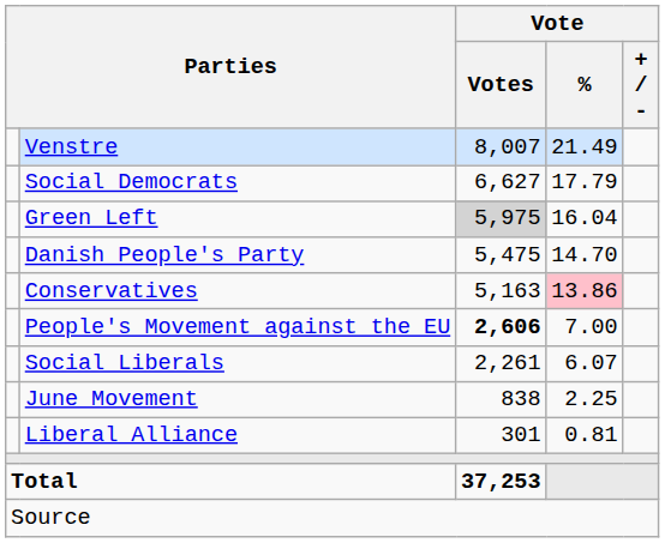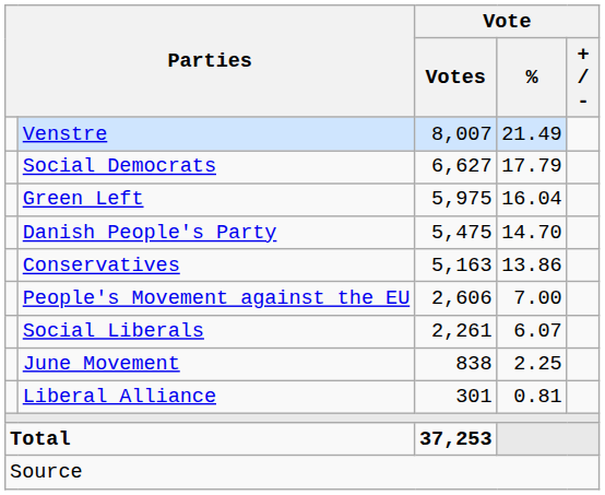 <table class="wikitable" style="text-align:right;">
 <tr>
 <th style="text-align:centre;" rowspan="2" colspan="2" width="225">Parties</th>
 <th colspan="3">Vote</th>
 </tr>
 <tr>
 <th width="15">Votes</th>
 <th width="15">%</th>
 <th width="15">+ / -</th>
 </tr>
 <tr>
 <td width="2" style="color:inherit;background:"></td>
 <td bgcolor=#cfe5fe   align="left"><a href='#'>Venstre</a></td>
 <td bgcolor=#cfe5fe>8,007</td>
 <td bgcolor=#cfe5fe>21.49</td>
 <td></td>
 </tr>
 <tr>
 <td width="2" style="color:inherit;background:"></td>
 <td align="left"><a href='#'>Social Democrats</a></td>
 <td>6,627</td>
 <td>17.79</td>
 <td></td>
 </tr>
 <tr>
 <td width="2" style="color:inherit;background:"></td>
 <td align="left"><a href='#'>Green Left</a></td>
-<td style="background: lightgrey;">5,975</td>
+<td>5,975</td>
 <td>16.04</td>
 <td></td>
 </tr>
 <tr>
 <td width="2" style="color:inherit;background:"></td>
 <td align="left"><a href='#'>Danish People's Party</a></td>
 <td>5,475</td>
 <td>14.70</td>
 <td></td>
 </tr>
 <tr>
 <td width="2" style="color:inherit;background:"></td>
 <td align="left"><a href='#'>Conservatives</a></td>
 <td>5,163</td>
-<td style="background: pink;">13.86</td>
+<td>13.86</td>
 <td></td>
 </tr>
 <tr>
 <td width="2" style="color:inherit;background:"></td>
 <td align="left"><a href='#'>People's Movement against the EU</a></td>
-<td><strong>2,606</strong></td>
+<td>2,606</td>
 <td>7.00</td>
 <td></td>
 </tr>
 <tr>
 <td width="2" style="color:inherit;background:"></td>
 <td align="left"><a href='#'>Social Liberals</a></td>
 <td>2,261</td>
 <td>6.07</td>
 <td></td>
 </tr>
 <tr>
 <td width="2" style="color:inherit;background:"></td>
 <td align="left"><a href='#'>June Movement</a></td>
 <td>838</td>
 <td>2.25</td>
 <td></td>
 </tr>
 <tr>
 <td width="2" style="color:inherit;background:"></td>
 <td align="left"><a href='#'>Liberal Alliance</a></td>
 <td>301</td>
 <td>0.81</td>
 <td></td>
 </tr>
 <tr>
 <td colspan="7" bgcolor="#E9E9E9"></td>
 </tr>
 <tr>
 <td align="left" colspan="2"><strong>Total</strong></td>
 <td><strong>37,253</strong></td>
 <td bgcolor="#E9E9E9" colspan="2"></td>
 </tr>
 <tr>
 <td align="left" colspan="6">Source</td>
 </tr>
 </table>
